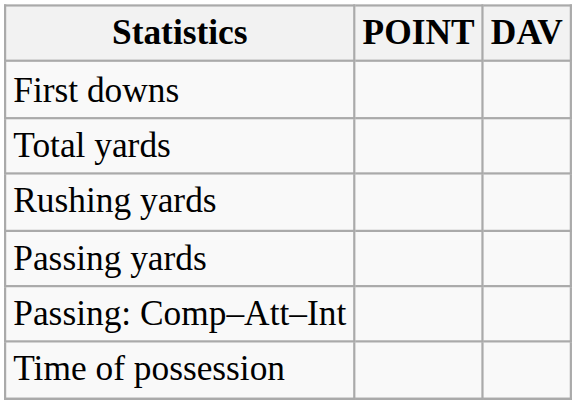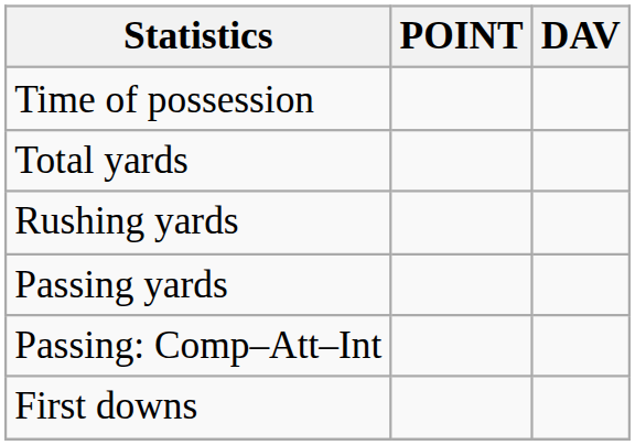 <table class="wikitable" style="float: left;">
 <tr>
 <th>Statistics</th>
 <th>POINT</th>
 <th>DAV</th>
 </tr>
 <tr>
-<td>First downs</td>
+<td>Time of possession</td>
 <td></td>
 <td></td>
 </tr>
 <tr>
 <td>Total yards</td>
 <td></td>
 <td></td>
 </tr>
 <tr>
 <td>Rushing yards</td>
 <td></td>
 <td></td>
 </tr>
 <tr>
 <td>Passing yards</td>
 <td></td>
 <td></td>
 </tr>
 <tr>
 <td>Passing: Comp–Att–Int</td>
 <td></td>
 <td></td>
 </tr>
 <tr>
-<td>Time of possession</td>
+<td>First downs</td>
 <td></td>
 <td></td>
 </tr>
 <tr>
 </tr>
 </table>
